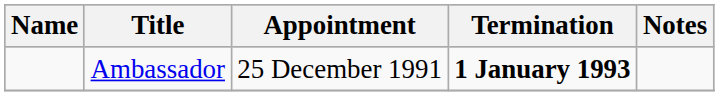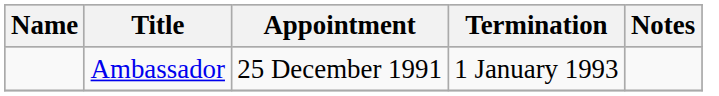 <table class="wikitable">
 <tr valign="middle">
 <th>Name</th>
 <th>Title</th>
 <th>Appointment</th>
 <th>Termination</th>
 <th>Notes</th>
 </tr>
 <tr>
 <td></td>
 <td><a href='#'>Ambassador</a></td>
 <td>25 December 1991</td>
-<td><strong>1 January 1993</strong></td>
+<td>1 January 1993</td>
 <td></td>
 </tr>
 <tr>
 </tr>
 </table>
